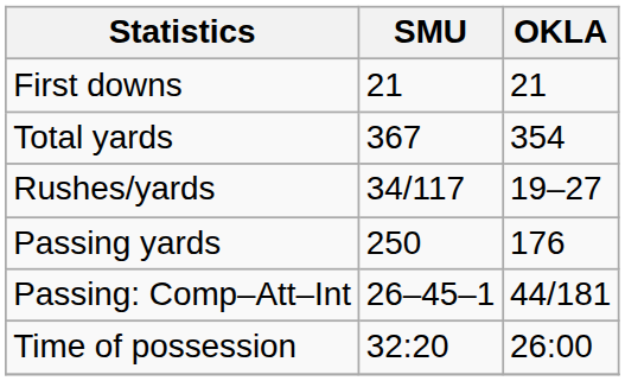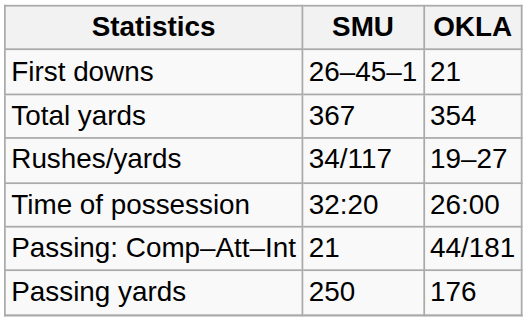 <table class="wikitable" style="float: left;">
 <tr>
 <th>Statistics</th>
 <th>SMU</th>
 <th>OKLA</th>
 </tr>
 <tr>
 <td>First downs</td>
-<td>21</td>
+<td>26–45–1</td>
 <td>21</td>
 </tr>
 <tr>
 <td>Total yards</td>
 <td>367</td>
 <td>354</td>
 </tr>
 <tr>
 <td>Rushes/yards</td>
 <td>34/117</td>
 <td>19–27</td>
 </tr>
 <tr>
+<td>Time of possession</td>
+<td>32:20</td>
+<td>26:00</td>
+</tr>
+<tr>
+<td>Passing: Comp–Att–Int</td>
+<td>21</td>
+<td>44/181</td>
+</tr>
+<tr>
 <td>Passing yards</td>
 <td>250</td>
 <td>176</td>
 </tr>
 <tr>
-<td>Passing: Comp–Att–Int</td>
-<td>26–45–1</td>
-<td>44/181</td>
-</tr>
-<tr>
-<td>Time of possession</td>
-<td>32:20</td>
-<td>26:00</td>
-</tr>
-<tr>
 </tr>
 </table>
